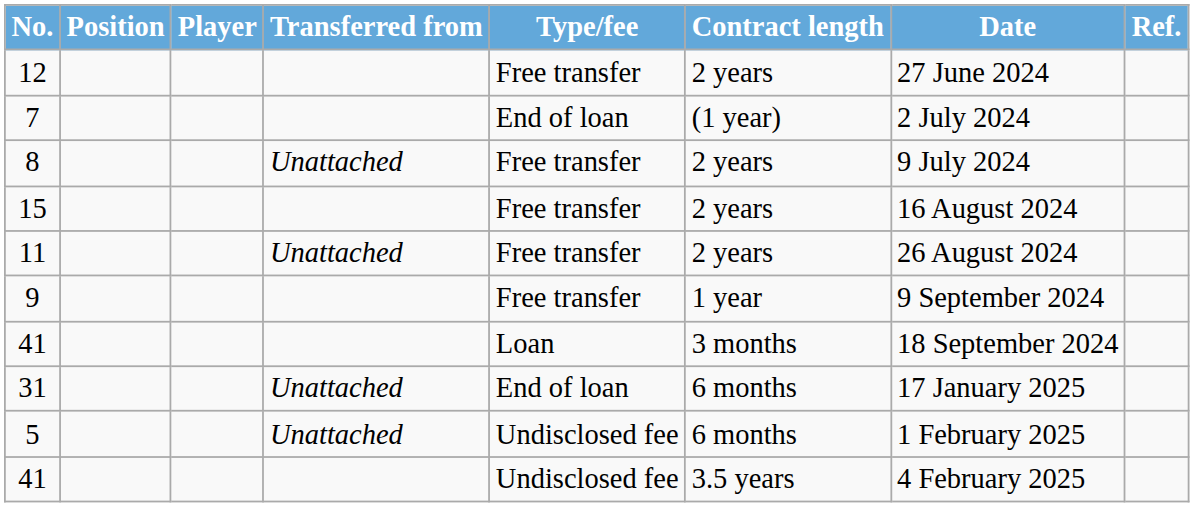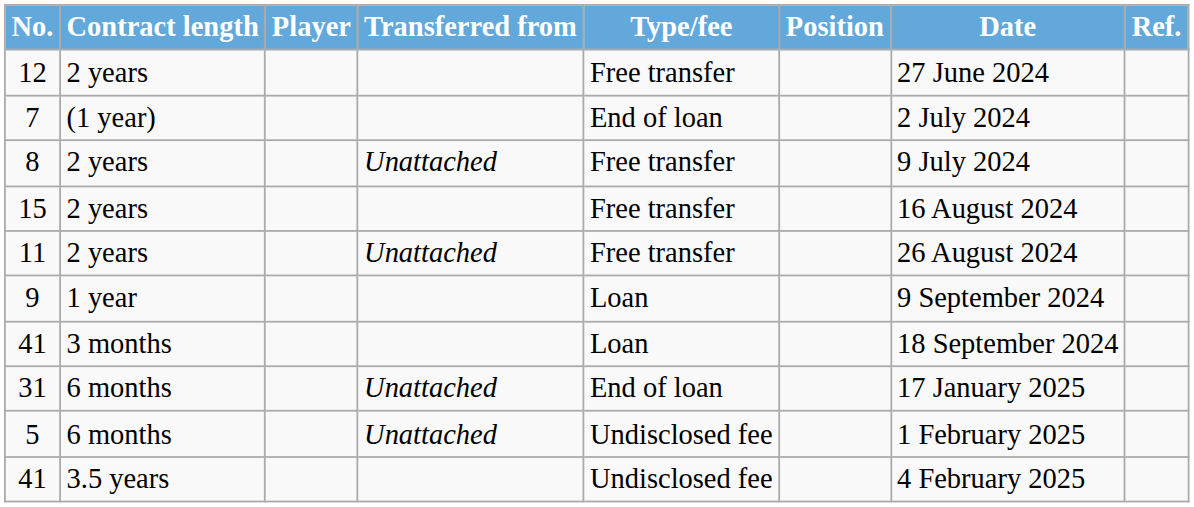 <table class="wikitable plainrowheaders sortable" style="text-align:center; text-align:left">
 <tr>
 <th scope="col" style="background:#62a8da;color:white">No.</th>
-<th scope="col" style="background:#62a8da;color:white">Position</th>
+<th scope="col" style="background:#62a8da;color:white">Contract length</th>
 <th scope="col" style="background:#62a8da;color:white">Player</th>
 <th scope="col" style="background:#62a8da;color:white">Transferred from</th>
 <th scope="col" style="background:#62a8da;color:white">Type/fee</th>
-<th scope="col" style="background:#62a8da;color:white">Contract length</th>
+<th scope="col" style="background:#62a8da;color:white">Position</th>
 <th scope="col" style="background:#62a8da;color:white">Date</th>
 <th scope="col" class="unsortable" style="background:#62a8da;color:white">Ref.</th>
 </tr>
 <tr>
 <td style="text-align:center;">12</td>
-<td style="text-align:center;"></td>
+<td>2 years</td>
 <td></td>
 <td></td>
 <td>Free transfer</td>
-<td>2 years</td>
+<td style="text-align:center;"></td>
 <td>27 June 2024</td>
 <td></td>
 </tr>
 <tr>
 <td style="text-align:center;">7</td>
-<td style="text-align:center;"></td>
+<td>(1 year)</td>
 <td></td>
 <td></td>
 <td>End of loan</td>
-<td>(1 year)</td>
+<td style="text-align:center;"></td>
 <td>2 July 2024</td>
 <td></td>
 </tr>
 <tr>
 <td style="text-align:center;">8</td>
-<td style="text-align:center;"></td>
+<td>2 years</td>
 <td></td>
 <td><em>Unattached</em></td>
 <td>Free transfer</td>
-<td>2 years</td>
+<td style="text-align:center;"></td>
 <td>9 July 2024</td>
 <td></td>
 </tr>
 <tr>
 <td style="text-align:center;">15</td>
-<td style="text-align:center;"></td>
+<td>2 years</td>
 <td></td>
 <td></td>
 <td>Free transfer</td>
-<td>2 years</td>
+<td style="text-align:center;"></td>
 <td>16 August 2024</td>
 <td></td>
 </tr>
 <tr>
 <td style="text-align:center;">11</td>
-<td style="text-align:center;"></td>
+<td>2 years</td>
 <td></td>
 <td><em>Unattached</em></td>
 <td>Free transfer</td>
-<td>2 years</td>
+<td style="text-align:center;"></td>
 <td>26 August 2024</td>
 <td></td>
 </tr>
 <tr>
 <td style="text-align:center;">9</td>
-<td style="text-align:center;"></td>
+<td>1 year</td>
 <td></td>
 <td></td>
-<td>Free transfer</td>
-<td>1 year</td>
+<td>Loan</td>
+<td style="text-align:center;"></td>
 <td>9 September 2024</td>
 <td></td>
 </tr>
 <tr>
 <td style="text-align:center;">41</td>
-<td style="text-align:center;"></td>
+<td>3 months</td>
 <td></td>
 <td></td>
 <td>Loan</td>
-<td>3 months</td>
+<td style="text-align:center;"></td>
 <td>18 September 2024</td>
 <td></td>
 </tr>
 <tr>
 <td style="text-align:center;">31</td>
-<td style="text-align:center;"></td>
+<td>6 months</td>
 <td></td>
 <td><em>Unattached</em></td>
 <td>End of loan</td>
-<td>6 months</td>
+<td style="text-align:center;"></td>
 <td>17 January 2025</td>
 <td></td>
 </tr>
 <tr>
 <td style="text-align:center;">5</td>
-<td style="text-align:center;"></td>
+<td>6 months</td>
 <td></td>
 <td><em>Unattached</em></td>
 <td>Undisclosed fee</td>
-<td>6 months</td>
+<td style="text-align:center;"></td>
 <td>1 February 2025</td>
 <td></td>
 </tr>
 <tr>
 <td style="text-align:center;">41</td>
-<td style="text-align:center;"></td>
+<td>3.5 years</td>
 <td></td>
 <td></td>
 <td>Undisclosed fee</td>
-<td>3.5 years</td>
+<td style="text-align:center;"></td>
 <td>4 February 2025</td>
 <td></td>
 </tr>
 </table>
